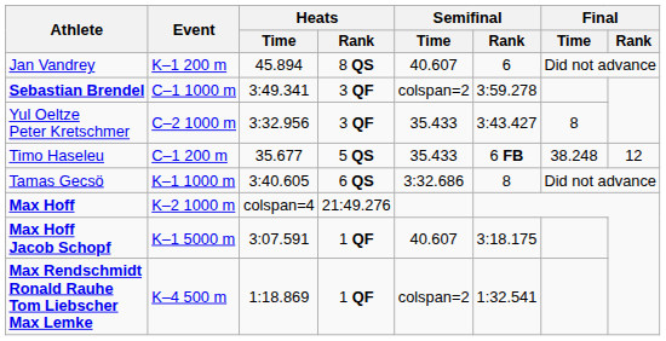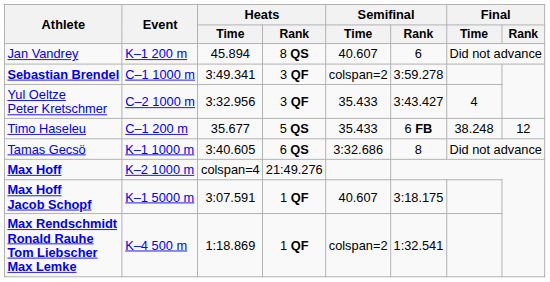 <table class="wikitable" style="text-align:center; font-size:90%">
 <tr>
 <th rowspan=2>Athlete</th>
 <th rowspan=2>Event</th>
 <th colspan=2>Heats</th>
 <th colspan=2>Semifinal</th>
 <th colspan=2>Final</th>
 </tr>
 <tr style="font-size:95%">
 <th>Time</th>
 <th>Rank</th>
 <th>Time</th>
 <th>Rank</th>
 <th>Time</th>
 <th>Rank</th>
 </tr>
 <tr>
 <td align=left><a href='#'>Jan Vandrey</a></td>
 <td align=left><a href='#'>K–1 200 m</a></td>
 <td>45.894</td>
 <td>8 <strong>QS</strong></td>
 <td>40.607</td>
 <td>6</td>
 <td colspan=2>Did not advance</td>
 </tr>
 <tr>
 <td align=left><strong><a href='#'>Sebastian Brendel</a></strong></td>
 <td align=left><a href='#'>C–1 1000 m</a></td>
 <td>3:49.341</td>
 <td>3 <strong>QF</strong></td>
 <td>colspan=2</td>
 <td>3:59.278</td>
 <td></td>
 </tr>
 <tr>
 <td align=left><a href='#'>Yul Oeltze</a><br><a href='#'>Peter Kretschmer</a></td>
 <td align=left><a href='#'>C–2 1000 m</a></td>
 <td>3:32.956</td>
 <td>3 <strong>QF</strong></td>
 <td>35.433</td>
 <td>3:43.427</td>
-<td>8</td>
+<td>4</td>
 </tr>
 <tr>
 <td align=left><a href='#'>Timo Haseleu</a></td>
 <td align=left><a href='#'>C–1 200 m</a></td>
 <td>35.677</td>
 <td>5 <strong>QS</strong></td>
 <td>35.433</td>
 <td>6 <strong>FB</strong></td>
 <td>38.248</td>
 <td>12</td>
 </tr>
 <tr>
 <td align=left><a href='#'>Tamas Gecsö</a></td>
 <td align=left><a href='#'>K–1 1000 m</a></td>
 <td>3:40.605</td>
 <td>6 <strong>QS</strong></td>
 <td>3:32.686</td>
 <td>8</td>
 <td colspan=2>Did not advance</td>
 </tr>
 <tr>
 <td align=left><strong><a href='#'>Max Hoff</a></strong></td>
 <td align=left><a href='#'>K–2 1000 m</a></td>
 <td>colspan=4</td>
 <td>21:49.276</td>
 <td></td>
 </tr>
 <tr>
 <td align=left><strong><a href='#'>Max Hoff</a><br><a href='#'>Jacob Schopf</a></strong></td>
 <td align=left><a href='#'>K–1 5000 m</a></td>
 <td>3:07.591</td>
 <td>1 <strong>QF</strong></td>
 <td>40.607</td>
 <td>3:18.175</td>
 <td></td>
 </tr>
 <tr>
 <td align=left><strong><a href='#'>Max Rendschmidt</a><br><a href='#'>Ronald Rauhe</a><br><a href='#'>Tom Liebscher</a><br><a href='#'>Max Lemke</a></strong></td>
 <td align=left><a href='#'>K–4 500 m</a></td>
 <td>1:18.869</td>
 <td>1 <strong>QF</strong></td>
 <td>colspan=2</td>
 <td>1:32.541</td>
 <td></td>
 </tr>
 </table>
